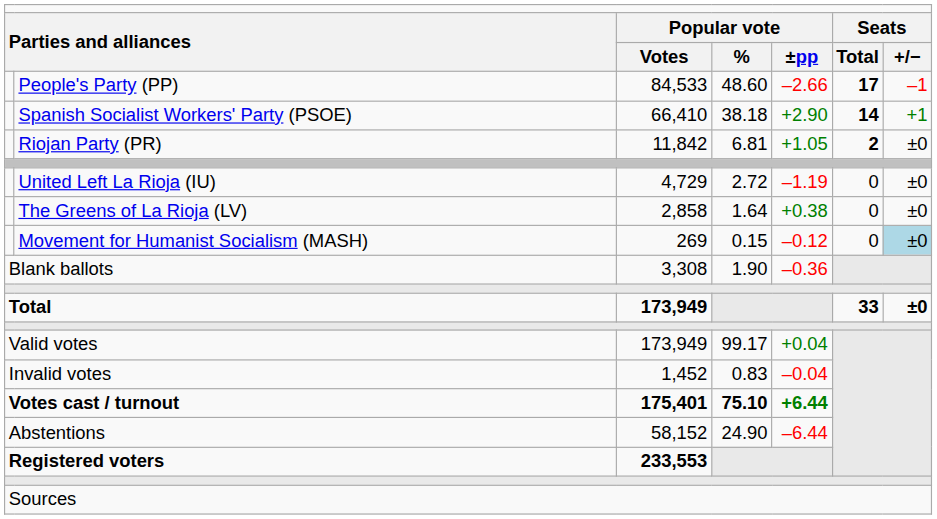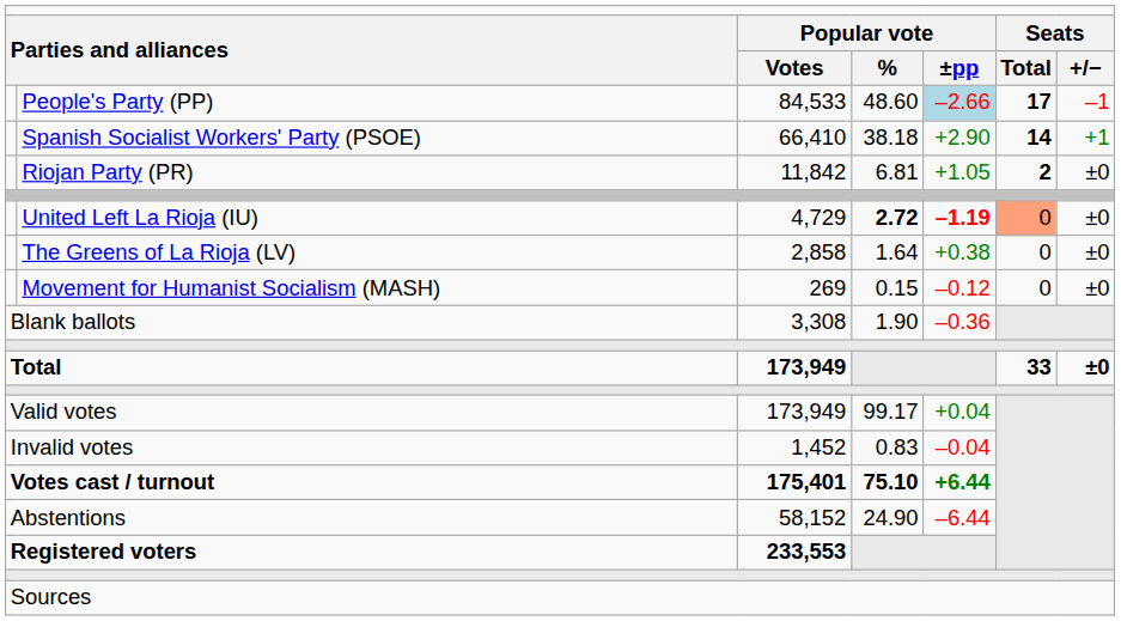 <table class="wikitable" style="text-align:right;">
 <tr>
 <td colspan="7"></td>
 </tr>
 <tr>
 <th style="text-align:left;" rowspan="2" colspan="2" width="525">Parties and alliances</th>
 <th colspan="3">Popular vote</th>
 <th colspan="2">Seats</th>
 </tr>
 <tr>
 <th width="75">Votes</th>
 <th width="45">%</th>
 <th width="45">±<a href='#'>pp</a></th>
 <th width="35">Total</th>
 <th width="35">+/−</th>
 </tr>
 <tr>
 <td width="1" style="color:inherit;background:"></td>
 <td align="left"><a href='#'>People's Party</a> (PP)</td>
 <td>84,533</td>
 <td>48.60</td>
-<td style="color:red;">–2.66</td>
+<td style="background: lightblue; color:red;">–2.66</td>
 <td><strong>17</strong></td>
 <td style="color:red;">–1</td>
 </tr>
 <tr>
 <td style="color:inherit;background:"></td>
 <td align="left"><a href='#'>Spanish Socialist Workers' Party</a> (PSOE)</td>
 <td>66,410</td>
 <td>38.18</td>
 <td style="color:green;">+2.90</td>
 <td><strong>14</strong></td>
 <td style="color:green;">+1</td>
 </tr>
 <tr>
 <td style="color:inherit;background:"></td>
 <td align="left"><a href='#'>Riojan Party</a> (PR)</td>
 <td>11,842</td>
 <td>6.81</td>
 <td style="color:green;">+1.05</td>
 <td><strong>2</strong></td>
 <td>±0</td>
 </tr>
 <tr>
 <td colspan="7" bgcolor="#C0C0C0"></td>
 </tr>
 <tr>
 <td style="color:inherit;background:"></td>
 <td align="left"><a href='#'>United Left La Rioja</a> (IU)</td>
 <td>4,729</td>
-<td>2.72</td>
-<td style="color:red;">–1.19</td>
-<td>0</td>
+<td><strong>2.72</strong></td>
+<td style="color:red;"><strong>–1.19</strong></td>
+<td style="background: lightsalmon;">0</td>
 <td>±0</td>
 </tr>
 <tr>
 <td style="color:inherit;background:"></td>
 <td align="left"><a href='#'>The Greens of La Rioja</a> (LV)</td>
 <td>2,858</td>
 <td>1.64</td>
 <td style="color:green;">+0.38</td>
 <td>0</td>
 <td>±0</td>
 </tr>
 <tr>
 <td style="color:inherit;background:"></td>
 <td align="left"><a href='#'>Movement for Humanist Socialism</a> (MASH)</td>
 <td>269</td>
 <td>0.15</td>
 <td style="color:red;">–0.12</td>
 <td>0</td>
-<td style="background: lightblue;">±0</td>
+<td>±0</td>
 </tr>
 <tr>
 <td align="left" colspan="2">Blank ballots</td>
 <td>3,308</td>
 <td>1.90</td>
 <td style="color:red;">–0.36</td>
 <td bgcolor="#E9E9E9" colspan="2"></td>
 </tr>
 <tr>
 <td colspan="7" bgcolor="#E9E9E9"></td>
 </tr>
 <tr style="font-weight:bold;">
 <td align="left" colspan="2">Total</td>
 <td>173,949</td>
 <td bgcolor="#E9E9E9" colspan="2"></td>
 <td>33</td>
 <td>±0</td>
 </tr>
 <tr>
 <td colspan="7" bgcolor="#E9E9E9"></td>
 </tr>
 <tr>
 <td align="left" colspan="2">Valid votes</td>
 <td>173,949</td>
 <td>99.17</td>
 <td style="color:green;">+0.04</td>
 <td bgcolor="#E9E9E9" colspan="2" rowspan="5"></td>
 </tr>
 <tr>
 <td align="left" colspan="2">Invalid votes</td>
 <td>1,452</td>
 <td>0.83</td>
 <td style="color:red;">–0.04</td>
 </tr>
 <tr style="font-weight:bold;">
 <td align="left" colspan="2">Votes cast / turnout</td>
 <td>175,401</td>
 <td>75.10</td>
 <td style="color:green;">+6.44</td>
 </tr>
 <tr>
 <td align="left" colspan="2">Abstentions</td>
 <td>58,152</td>
 <td>24.90</td>
 <td style="color:red;">–6.44</td>
 </tr>
 <tr style="font-weight:bold;">
 <td align="left" colspan="2">Registered voters</td>
 <td>233,553</td>
 <td bgcolor="#E9E9E9" colspan="2"></td>
 </tr>
 <tr>
 <td colspan="7" bgcolor="#E9E9E9"></td>
 </tr>
 <tr>
 <td align="left" colspan="7">Sources</td>
 </tr>
 </table>
